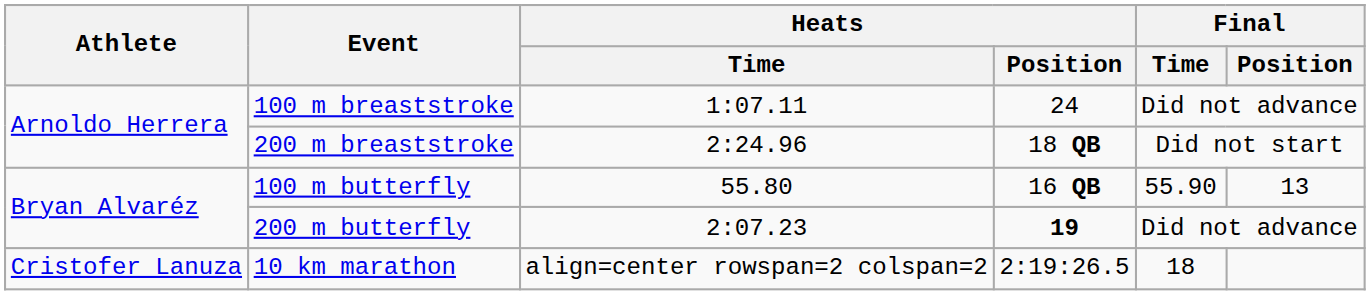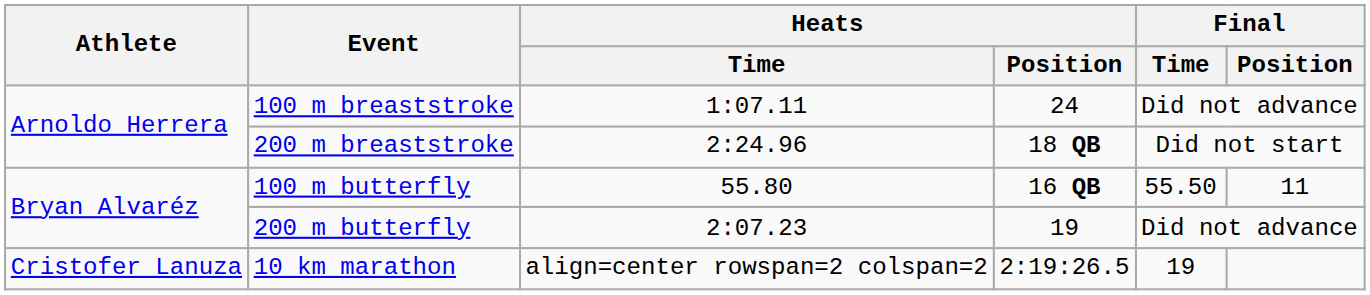 <table class="wikitable" border="1" style="font-size:90%">
 <tr>
 <th rowspan=2>Athlete</th>
 <th rowspan=2>Event</th>
 <th colspan=2>Heats</th>
 <th colspan=2>Final</th>
 </tr>
 <tr>
 <th>Time</th>
 <th>Position</th>
 <th>Time</th>
 <th>Position</th>
 </tr>
 <tr>
 <td rowspan=2><a href='#'>Arnoldo Herrera</a></td>
 <td><a href='#'>100 m breaststroke</a></td>
 <td align=center>1:07.11</td>
 <td align=center>24</td>
 <td colspan=2 align=center>Did not advance</td>
 </tr>
 <tr>
 <td><a href='#'>200 m breaststroke</a></td>
 <td align=center>2:24.96</td>
 <td align=center>18 <strong>QB</strong></td>
 <td colspan=2 align=center>Did not start</td>
 </tr>
 <tr>
 <td rowspan=2><a href='#'>Bryan Alvaréz</a></td>
 <td><a href='#'>100 m butterfly</a></td>
 <td align=center>55.80</td>
 <td align=center>16 <strong>QB</strong></td>
-<td align=center>55.90</td>
-<td align=center>13</td>
+<td align=center>55.50</td>
+<td align=center>11</td>
 </tr>
 <tr>
 <td><a href='#'>200 m butterfly</a></td>
 <td align=center>2:07.23</td>
-<td align=center><strong>19</strong></td>
+<td align=center>19</td>
 <td colspan=2 align=center>Did not advance</td>
 </tr>
 <tr>
 <td><a href='#'>Cristofer Lanuza</a></td>
 <td><a href='#'>10 km marathon</a></td>
 <td>align=center rowspan=2 colspan=2 </td>
 <td align=center>2:19:26.5</td>
-<td align=center>18</td>
+<td align=center>19</td>
 </tr>
 </table>
